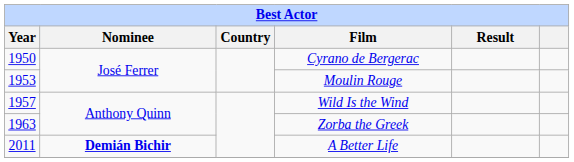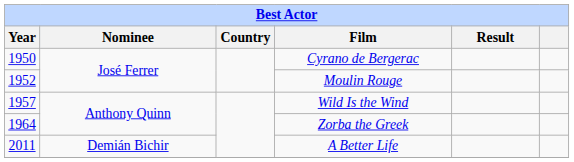 <table class="wikitable" style="text-align: center">
 <tr style="background:#bfd7ff;">
 <td colspan="7" style="text-align:center;"><strong><a href='#'>Best Actor</a></strong></td>
 </tr>
 <tr style="background:#ebf5ff;">
 <th width="6%" scope="col">Year</th>
 <th width="30%" scope="col">Nominee</th>
 <th width="10%" scope="col">Country</th>
 <th width="30%" scope="col">Film</th>
 <th width="15%" scope="col">Result</th>
 <th width="5%" scope="col" class="unsortable"></th>
 </tr>
 <tr>
 <td align="center"><a href='#'>1950</a></td>
 <td rowspan="2"><a href='#'>José Ferrer</a></td>
 <td rowspan="2"></td>
 <td><em><a href='#'>Cyrano de Bergerac</a></em></td>
 <td></td>
 <td></td>
 </tr>
 <tr>
-<td style="text-align: center"><a href='#'>1953</a></td>
+<td style="text-align: center"><a href='#'>1952</a></td>
 <td><em><a href='#'>Moulin Rouge</a></em></td>
 <td></td>
 <td></td>
 </tr>
 <tr>
 <td style="text-align: center"><a href='#'>1957</a></td>
 <td rowspan="2"><a href='#'>Anthony Quinn</a></td>
 <td rowspan=3></td>
 <td><em><a href='#'>Wild Is the Wind</a></em></td>
 <td></td>
 <td></td>
 </tr>
 <tr>
-<td style="text-align: center"><a href='#'>1963</a></td>
+<td style="text-align: center"><a href='#'>1964</a></td>
 <td><em><a href='#'>Zorba the Greek</a></em></td>
 <td></td>
 <td></td>
 </tr>
 <tr>
 <td style="text-align: center"><a href='#'>2011</a></td>
-<td><strong><a href='#'>Demián Bichir</a></strong></td>
+<td><a href='#'>Demián Bichir</a></td>
 <td><em><a href='#'>A Better Life</a></em></td>
 <td></td>
 <td></td>
 </tr>
 <tr>
 </tr>
 </table>
